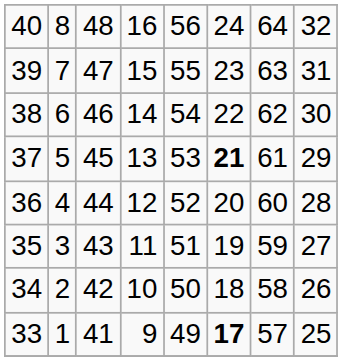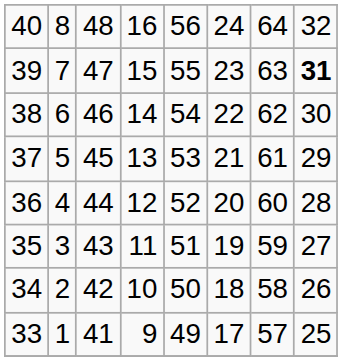 <table class="wikitable" style="text-align:right">
 <tr>
 <td>40</td>
 <td>8</td>
 <td>48</td>
 <td>16</td>
 <td>56</td>
 <td>24</td>
 <td>64</td>
 <td>32</td>
 </tr>
 <tr>
 <td>39</td>
 <td>7</td>
 <td>47</td>
 <td>15</td>
 <td>55</td>
 <td>23</td>
 <td>63</td>
-<td>31</td>
+<td><strong>31</strong></td>
 </tr>
 <tr>
 <td>38</td>
 <td>6</td>
 <td>46</td>
 <td>14</td>
 <td>54</td>
 <td>22</td>
 <td>62</td>
 <td>30</td>
 </tr>
 <tr>
 <td>37</td>
 <td>5</td>
 <td>45</td>
 <td>13</td>
 <td>53</td>
-<td><strong>21</strong></td>
+<td>21</td>
 <td>61</td>
 <td>29</td>
 </tr>
 <tr>
 <td>36</td>
 <td>4</td>
 <td>44</td>
 <td>12</td>
 <td>52</td>
 <td>20</td>
 <td>60</td>
 <td>28</td>
 </tr>
 <tr>
 <td>35</td>
 <td>3</td>
 <td>43</td>
 <td>11</td>
 <td>51</td>
 <td>19</td>
 <td>59</td>
 <td>27</td>
 </tr>
 <tr>
 <td>34</td>
 <td>2</td>
 <td>42</td>
 <td>10</td>
 <td>50</td>
 <td>18</td>
 <td>58</td>
 <td>26</td>
 </tr>
 <tr>
 <td>33</td>
 <td>1</td>
 <td>41</td>
 <td>9</td>
 <td>49</td>
-<td><strong>17</strong></td>
+<td>17</td>
 <td>57</td>
 <td>25</td>
 </tr>
 <tr>
 </tr>
 </table>
